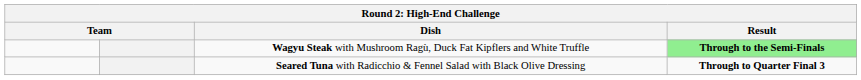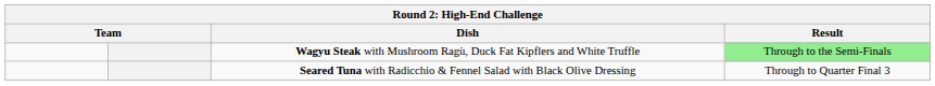 <table class="wikitable plainrowheaders" style="text-align:center; font-size:90%; width:80em; margin-left: auto; margin-right: auto; border: none;">
 <tr>
 <th colspan="4" >Round 2: High-End Challenge</th>
 </tr>
 <tr>
 <th colspan="2" style="width:20%;">Team</th>
 <th style="width:50%;">Dish</th>
 <th style="width:20%;">Result</th>
 </tr>
 <tr>
 <td></td>
 <th></th>
 <td><strong>Wagyu Steak</strong> with Mushroom Ragù, Duck Fat Kipflers and White Truffle</td>
-<td style="background:lightgreen"><strong>Through to the Semi-Finals</strong></td>
+<td style="background:lightgreen">Through to the Semi-Finals</td>
 </tr>
 <tr>
 <td></td>
 <th></th>
 <td><strong>Seared Tuna</strong> with Radicchio & Fennel Salad with Black Olive Dressing</td>
-<td><strong>Through to Quarter Final 3</strong></td>
+<td>Through to Quarter Final 3</td>
 </tr>
 </table>
